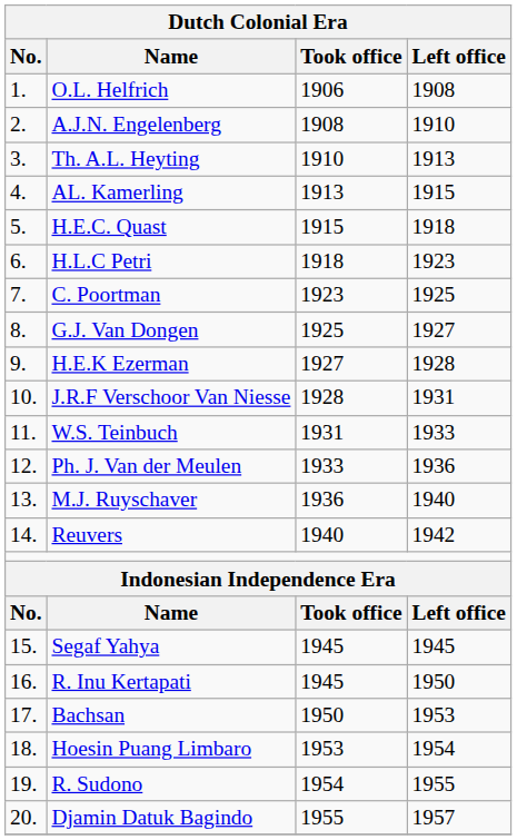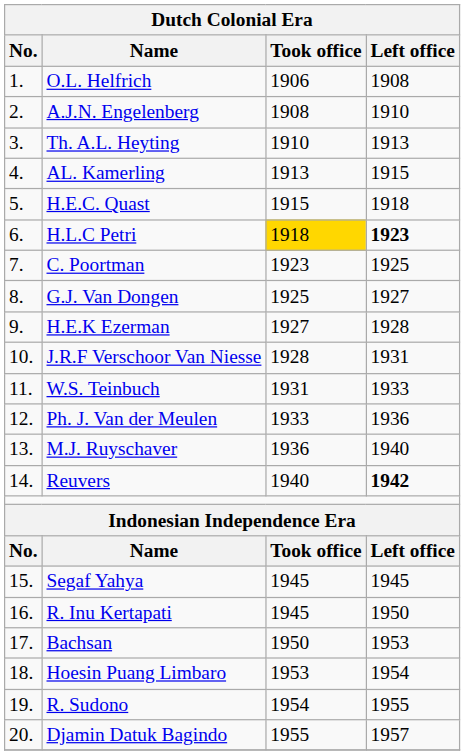 <table class="wikitable">
 <tr>
 <th colspan=4>Dutch Colonial Era</th>
 </tr>
 <tr>
 <th>No.</th>
 <th>Name</th>
 <th>Took office</th>
 <th>Left office</th>
 </tr>
 <tr>
 <td>1.</td>
 <td><a href='#'>O.L. Helfrich</a></td>
 <td>1906</td>
 <td>1908</td>
 </tr>
 <tr>
 <td>2.</td>
 <td><a href='#'>A.J.N. Engelenberg</a></td>
 <td>1908</td>
 <td>1910</td>
 </tr>
 <tr>
 <td>3.</td>
 <td><a href='#'>Th. A.L. Heyting</a></td>
 <td>1910</td>
 <td>1913</td>
 </tr>
 <tr>
 <td>4.</td>
 <td><a href='#'>AL. Kamerling</a></td>
 <td>1913</td>
 <td>1915</td>
 </tr>
 <tr>
 <td>5.</td>
 <td><a href='#'>H.E.C. Quast</a></td>
 <td>1915</td>
 <td>1918</td>
 </tr>
 <tr>
 <td>6.</td>
 <td><a href='#'>H.L.C Petri</a></td>
-<td>1918</td>
-<td>1923</td>
+<td style="background: gold;">1918</td>
+<td><strong>1923</strong></td>
 </tr>
 <tr>
 <td>7.</td>
 <td><a href='#'>C. Poortman</a></td>
 <td>1923</td>
 <td>1925</td>
 </tr>
 <tr>
 <td>8.</td>
 <td><a href='#'>G.J. Van Dongen</a></td>
 <td>1925</td>
 <td>1927</td>
 </tr>
 <tr>
 <td>9.</td>
 <td><a href='#'>H.E.K Ezerman</a></td>
 <td>1927</td>
 <td>1928</td>
 </tr>
 <tr>
 <td>10.</td>
 <td><a href='#'>J.R.F Verschoor Van Niesse</a></td>
 <td>1928</td>
 <td>1931</td>
 </tr>
 <tr>
 <td>11.</td>
 <td><a href='#'>W.S. Teinbuch</a></td>
 <td>1931</td>
 <td>1933</td>
 </tr>
 <tr>
 <td>12.</td>
 <td><a href='#'>Ph. J. Van der Meulen</a></td>
 <td>1933</td>
 <td>1936</td>
 </tr>
 <tr>
 <td>13.</td>
 <td><a href='#'>M.J. Ruyschaver</a></td>
 <td>1936</td>
 <td>1940</td>
 </tr>
 <tr>
 <td>14.</td>
 <td><a href='#'>Reuvers</a></td>
 <td>1940</td>
-<td>1942</td>
+<td><strong>1942</strong></td>
 </tr>
 <tr>
 <td colspan=4></td>
 </tr>
 <tr>
 <th colspan=4>Indonesian Independence Era</th>
 </tr>
 <tr>
 <th>No.</th>
 <th>Name</th>
 <th>Took office</th>
 <th>Left office</th>
 </tr>
 <tr>
 <td>15.</td>
 <td><a href='#'>Segaf Yahya</a></td>
 <td>1945</td>
 <td>1945</td>
 </tr>
 <tr>
 <td>16.</td>
 <td><a href='#'>R. Inu Kertapati</a></td>
 <td>1945</td>
 <td>1950</td>
 </tr>
 <tr>
 <td>17.</td>
 <td><a href='#'>Bachsan</a></td>
 <td>1950</td>
 <td>1953</td>
 </tr>
 <tr>
 <td>18.</td>
 <td><a href='#'>Hoesin Puang Limbaro</a></td>
 <td>1953</td>
 <td>1954</td>
 </tr>
 <tr>
 <td>19.</td>
 <td><a href='#'>R. Sudono</a></td>
 <td>1954</td>
 <td>1955</td>
 </tr>
 <tr>
 <td>20.</td>
 <td><a href='#'>Djamin Datuk Bagindo</a></td>
 <td>1955</td>
 <td>1957</td>
 </tr>
 <tr>
 </tr>
 </table>
